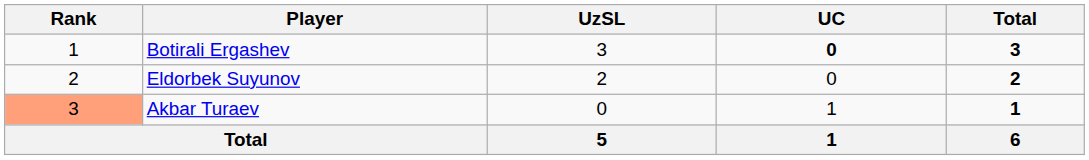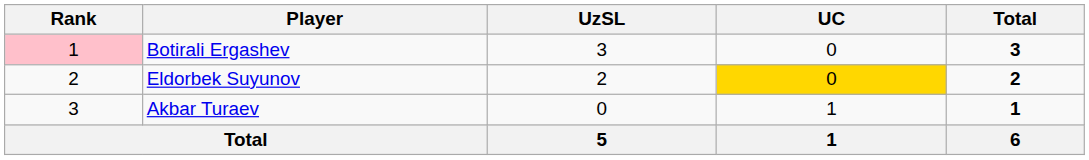 <table class="wikitable" style="text-align:center;">
 <tr>
 <th width=6%>Rank</th>
 <th width=15%>Player</th>
 <th width=10%><abbr>UzSL</abbr></th>
 <th width=10%><abbr>UC</abbr></th>
 <th width=6%>Total</th>
 </tr>
 <tr>
-<td>1</td>
+<td style="background: pink;">1</td>
 <td align=left> <a href='#'>Botirali Ergashev</a></td>
 <td>3</td>
-<td><strong>0</strong></td>
+<td>0</td>
 <td><strong>3</strong></td>
 </tr>
 <tr>
 <td>2</td>
 <td align=left> <a href='#'>Eldorbek Suyunov</a></td>
 <td>2</td>
-<td>0</td>
+<td style="background: gold;">0</td>
 <td><strong>2</strong></td>
 </tr>
 <tr>
-<td style="background: lightsalmon;">3</td>
+<td>3</td>
 <td align=left> <a href='#'>Akbar Turaev</a></td>
 <td>0</td>
 <td>1</td>
 <td><strong>1</strong></td>
 </tr>
 <tr>
 <th colspan=2>Total</th>
 <th>5</th>
 <th>1</th>
 <th>6</th>
 </tr>
 </table>
